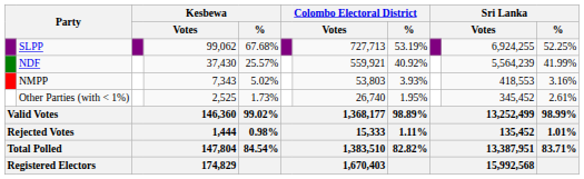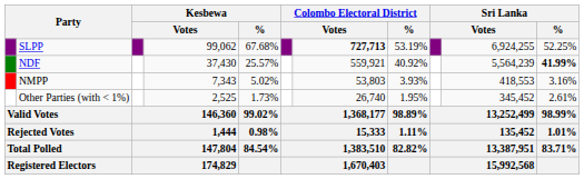 <table class="wikitable">
 <tr>
 <th colspan="2" width="144px"rowspan="2">Party</th>
 <th colspan="3" width="216px">Kesbewa</th>
 <th colspan="3" width="216px"><a href='#'>Colombo Electoral District</a></th>
 <th colspan="3" width="216px">Sri Lanka</th>
 </tr>
 <tr>
 <th colspan="2" width="144px">Votes</th>
 <th>%</th>
 <th colspan="2" width="144px">Votes</th>
 <th>%</th>
 <th colspan="2" width="144px">Votes</th>
 <th>%</th>
 </tr>
 <tr>
 <td style="background-color:purple;" width="10px"></td>
 <td style="text-align:left;"><a href='#'>SLPP</a></td>
 <td style="background-color:purple;" width="10px"></td>
 <td style="text-align:right;">99,062</td>
 <td style="text-align:right;">67.68%</td>
 <td style="background-color:purple;" width="10px"></td>
-<td style="text-align:right;">727,713</td>
+<td style="text-align:right;"><strong>727,713</strong></td>
 <td style="text-align:right;">53.19%</td>
 <td style="background-color:purple;" width="10px"></td>
 <td style="text-align:right;">6,924,255</td>
 <td style="text-align:right;">52.25%</td>
 </tr>
 <tr>
 <td style="background-color:green;" width="10px"></td>
 <td style="text-align:left;"><a href='#'>NDF</a></td>
 <td style="background-color:white;" width="10px"></td>
 <td style="text-align:right;">37,430</td>
 <td style="text-align:right;">25.57%</td>
 <td style="background-color:white;" width="10px"></td>
 <td style="text-align:right;">559,921</td>
 <td style="text-align:right;">40.92%</td>
 <td style="background-color:white;" width="10px"></td>
 <td style="text-align:right;">5,564,239</td>
-<td style="text-align:right;">41.99%</td>
+<td style="text-align:right;"><strong>41.99%</strong></td>
 </tr>
 <tr>
 <td style="background-color:red;" width="10px"></td>
 <td style="text-align:left;">NMPP</td>
 <td style="background-color:white;" width="10px"></td>
 <td style="text-align:right;">7,343</td>
 <td style="text-align:right;">5.02%</td>
 <td style="background-color:white;" width="10px"></td>
 <td style="text-align:right;">53,803</td>
 <td style="text-align:right;">3.93%</td>
 <td style="background-color:white;" width="10px"></td>
 <td style="text-align:right;">418,553</td>
 <td style="text-align:right;">3.16%</td>
 </tr>
 <tr>
 <td style="background-color:white;" width="10px"></td>
 <td style="text-align:left;">Other Parties (with < 1%)</td>
 <td style="background-color:white;" width="10px"></td>
 <td style="text-align:right;">2,525</td>
 <td style="text-align:right;">1.73%</td>
 <td style="background-color:white;" width="10px"></td>
 <td style="text-align:right;">26,740</td>
 <td style="text-align:right;">1.95%</td>
 <td style="background-color:white;" width="10px"></td>
 <td style="text-align:right;">345,452</td>
 <td style="text-align:right;">2.61%</td>
 </tr>
 <tr>
 <th colspan="2" width="144px"style="text-align:left;">Valid Votes</th>
 <th style="text-align:right;"colspan="2" width="144px">146,360</th>
 <th style="text-align:right;">99.02%</th>
 <th style="text-align:right;"colspan="2" width="144px">1,368,177</th>
 <th style="text-align:right;">98.89%</th>
 <th style="text-align:right;"colspan="2" width="144px">13,252,499</th>
 <th style="text-align:right;">98.99%</th>
 </tr>
 <tr>
 <th colspan="2" width="144px"style="text-align:left;">Rejected Votes</th>
 <th style="text-align:right;"colspan="2" width="144px">1,444</th>
 <th style="text-align:right;">0.98%</th>
 <th style="text-align:right;"colspan="2" width="144px">15,333</th>
 <th style="text-align:right;">1.11%</th>
 <th style="text-align:right;"colspan="2" width="144px">135,452</th>
 <th style="text-align:right;">1.01%</th>
 </tr>
 <tr>
 <th colspan="2" width="144px"style="text-align:left;">Total Polled</th>
 <th style="text-align:right;"colspan="2" width="144px">147,804</th>
 <th style="text-align:right;">84.54%</th>
 <th style="text-align:right;"colspan="2" width="144px">1,383,510</th>
 <th style="text-align:right;">82.82%</th>
 <th style="text-align:right;"colspan="2" width="144px">13,387,951</th>
 <th style="text-align:right;">83.71%</th>
 </tr>
 <tr>
 <th colspan="2" width="144px"style="text-align:left;">Registered Electors</th>
 <th style="text-align:right;"colspan="2" width="144px">174,829</th>
 <th></th>
 <th style="text-align:right;"colspan="2" width="144px">1,670,403</th>
 <th></th>
 <th style="text-align:right;"colspan="2" width="144px">15,992,568</th>
 <th></th>
 </tr>
 </table>
